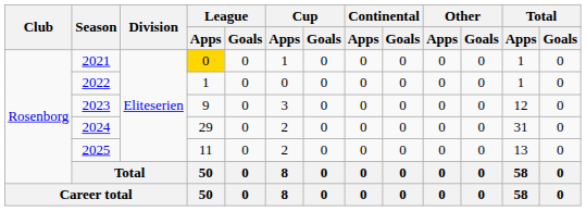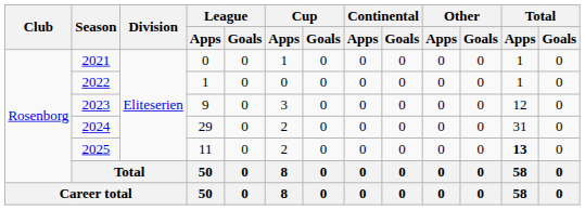 <table class="wikitable" style="text-align: center;">
 <tr>
 <th rowspan="2">Club</th>
 <th rowspan="2">Season</th>
 <th rowspan="2">Division</th>
 <th colspan="2">League</th>
 <th colspan="2">Cup</th>
 <th colspan="2">Continental</th>
 <th colspan="2">Other</th>
 <th colspan="2">Total</th>
 </tr>
 <tr>
 <th>Apps</th>
 <th>Goals</th>
 <th>Apps</th>
 <th>Goals</th>
 <th>Apps</th>
 <th>Goals</th>
 <th>Apps</th>
 <th>Goals</th>
 <th>Apps</th>
 <th>Goals</th>
 </tr>
 <tr>
 <td rowspan="6" valign="center"><a href='#'>Rosenborg</a></td>
 <td><a href='#'>2021</a></td>
 <td rowspan="5"><a href='#'>Eliteserien</a></td>
-<td style="background: gold;">0</td>
+<td>0</td>
 <td>0</td>
 <td>1</td>
 <td>0</td>
 <td>0</td>
 <td>0</td>
 <td>0</td>
 <td>0</td>
 <td>1</td>
 <td>0</td>
 </tr>
 <tr>
 <td><a href='#'>2022</a></td>
 <td>1</td>
 <td>0</td>
 <td>0</td>
 <td>0</td>
 <td>0</td>
 <td>0</td>
 <td>0</td>
 <td>0</td>
 <td>1</td>
 <td>0</td>
 </tr>
 <tr>
 <td><a href='#'>2023</a></td>
 <td>9</td>
 <td>0</td>
 <td>3</td>
 <td>0</td>
 <td>0</td>
 <td>0</td>
 <td>0</td>
 <td>0</td>
 <td>12</td>
 <td>0</td>
 </tr>
 <tr>
 <td><a href='#'>2024</a></td>
 <td>29</td>
 <td>0</td>
 <td>2</td>
 <td>0</td>
 <td>0</td>
 <td>0</td>
 <td>0</td>
 <td>0</td>
 <td>31</td>
 <td>0</td>
 </tr>
 <tr>
 <td><a href='#'>2025</a></td>
 <td>11</td>
 <td>0</td>
 <td>2</td>
 <td>0</td>
 <td>0</td>
 <td>0</td>
 <td>0</td>
 <td>0</td>
-<td>13</td>
+<td><strong>13</strong></td>
 <td>0</td>
 </tr>
 <tr>
 <th colspan=2>Total</th>
 <th>50</th>
 <th>0</th>
 <th>8</th>
 <th>0</th>
 <th>0</th>
 <th>0</th>
 <th>0</th>
 <th>0</th>
 <th>58</th>
 <th>0</th>
 </tr>
 <tr>
 <th colspan="3">Career total</th>
 <th>50</th>
 <th>0</th>
 <th>8</th>
 <th>0</th>
 <th>0</th>
 <th>0</th>
 <th>0</th>
 <th>0</th>
 <th>58</th>
 <th>0</th>
 </tr>
 </table>
